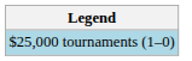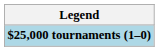 <table class="wikitable" style="font-size:85%;">
 <tr>
 <th>Legend</th>
 </tr>
 <tr style="background:lightblue;">
-<td>$25,000 tournaments (1–0)</td>
+<td><strong>$25,000 tournaments (1–0)</strong></td>
 </tr>
 </table>
